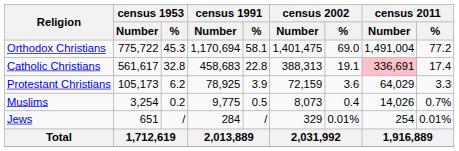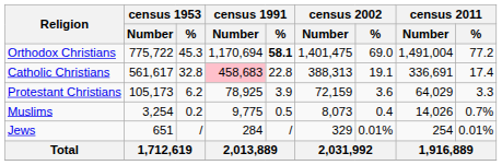 <table class="wikitable">
 <tr>
 <th rowspan="2">Religion</th>
 <th colspan="2">census 1953</th>
 <th colspan="2">census 1991</th>
 <th colspan="2">census 2002</th>
 <th colspan="2">census 2011</th>
 </tr>
 <tr bgcolor="#e0e0e0">
 <th>Number</th>
 <th>%</th>
 <th>Number</th>
 <th>%</th>
 <th>Number</th>
 <th>%</th>
 <th>Number</th>
 <th>%</th>
 </tr>
 <tr>
 <td><a href='#'>Orthodox Christians</a></td>
 <td align="right">775,722</td>
 <td align="right">45.3</td>
 <td align="right">1,170,694</td>
-<td align="right">58.1</td>
+<td align="right"><strong>58.1</strong></td>
 <td align="right">1,401,475</td>
 <td align="right">69.0</td>
 <td align="right">1,491,004</td>
 <td align="right">77.2</td>
 </tr>
 <tr>
 <td><a href='#'>Catholic Christians</a></td>
 <td align="right">561,617</td>
 <td align="right">32.8</td>
-<td align="right">458,683</td>
+<td align="right" style="background: pink;">458,683</td>
 <td align="right">22.8</td>
 <td align="right">388,313</td>
 <td align="right">19.1</td>
-<td align="right" style="background: pink;">336,691</td>
+<td align="right">336,691</td>
 <td align="right">17.4</td>
 </tr>
 <tr>
 <td><a href='#'>Protestant Christians</a></td>
 <td align="right">105,173</td>
 <td align="right">6.2</td>
 <td align="right">78,925</td>
 <td align="right">3.9</td>
 <td align="right">72,159</td>
 <td align="right">3.6</td>
 <td align="right">64,029</td>
 <td align="right">3.3</td>
 </tr>
 <tr>
 <td><a href='#'>Muslims</a></td>
 <td align="right">3,254</td>
 <td align="right">0.2</td>
 <td align="right">9,775</td>
 <td align="right">0.5</td>
 <td align="right">8,073</td>
 <td align="right">0.4</td>
 <td align="right">14,026</td>
 <td align="right">0.7%</td>
 </tr>
 <tr>
 <td><a href='#'>Jews</a></td>
 <td align="right">651</td>
 <td align="right">/</td>
 <td align="right">284</td>
 <td align="right">/</td>
 <td align="right">329</td>
 <td align="right">0.01%</td>
 <td align="right">254</td>
 <td align="right">0.01%</td>
 </tr>
 <tr>
 <th align="left">Total</th>
 <th colspan="2">1,712,619</th>
 <th colspan="2">2,013,889</th>
 <th colspan="2">2,031,992</th>
 <th colspan="2">1,916,889</th>
 </tr>
 <tr>
 </tr>
 </table>
